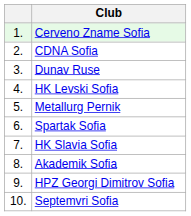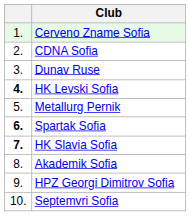 <table class="wikitable">
 <tr>
 <th width="30"></th>
 <th width="200">Club</th>
 </tr>
 <tr bgcolor="#e6fae6" align="center">
 <td>1.</td>
 <td align="left"><a href='#'>Cerveno Zname Sofia</a></td>
 </tr>
 <tr bgcolor="#FFFFFF" align="center">
 <td>2.</td>
 <td align="left"><a href='#'>CDNA Sofia</a></td>
 </tr>
 <tr bgcolor="#FFFFFF" align="center">
 <td>3.</td>
 <td align="left"><a href='#'>Dunav Ruse</a></td>
 </tr>
 <tr bgcolor="#FFFFFF" align="center">
-<td>4.</td>
+<td><strong>4.</strong></td>
 <td align="left"><a href='#'>HK Levski Sofia</a></td>
 </tr>
 <tr bgcolor="#FFFFFF" align="center">
 <td>5.</td>
 <td align="left"><a href='#'>Metallurg Pernik</a></td>
 </tr>
 <tr bgcolor="#FFFFFF" align="center">
-<td>6.</td>
+<td><strong>6.</strong></td>
 <td align="left"><a href='#'>Spartak Sofia</a></td>
 </tr>
 <tr bgcolor="#FFFFFF" align="center">
-<td>7.</td>
+<td><strong>7.</strong></td>
 <td align="left"><a href='#'>HK Slavia Sofia</a></td>
 </tr>
 <tr bgcolor="#FFFFFF" align="center">
 <td>8.</td>
 <td align="left"><a href='#'>Akademik Sofia</a></td>
 </tr>
 <tr bgcolor="#FFFFFF" align="center">
 <td>9.</td>
 <td align="left"><a href='#'>HPZ Georgi Dimitrov Sofia</a></td>
 </tr>
 <tr bgcolor="#FFFFFF" align="center">
 <td>10.</td>
 <td align="left"><a href='#'>Septemvri Sofia</a></td>
 </tr>
 </table>
